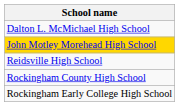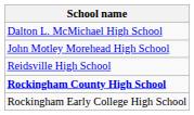 <table class="wikitable" border="1">
 <tr>
 <th>School name</th>
 </tr>
 <tr>
 <td><a href='#'>Dalton L. McMichael High School</a></td>
 </tr>
 <tr>
-<td style="background: gold;"><a href='#'>John Motley Morehead High School</a></td>
+<td><a href='#'>John Motley Morehead High School</a></td>
 </tr>
 <tr>
 <td><a href='#'>Reidsville High School</a></td>
 </tr>
 <tr>
-<td><a href='#'>Rockingham County High School</a></td>
+<td><strong><a href='#'>Rockingham County High School</a></strong></td>
 </tr>
 <tr>
 <td>Rockingham Early College High School</td>
 </tr>
 </table>
